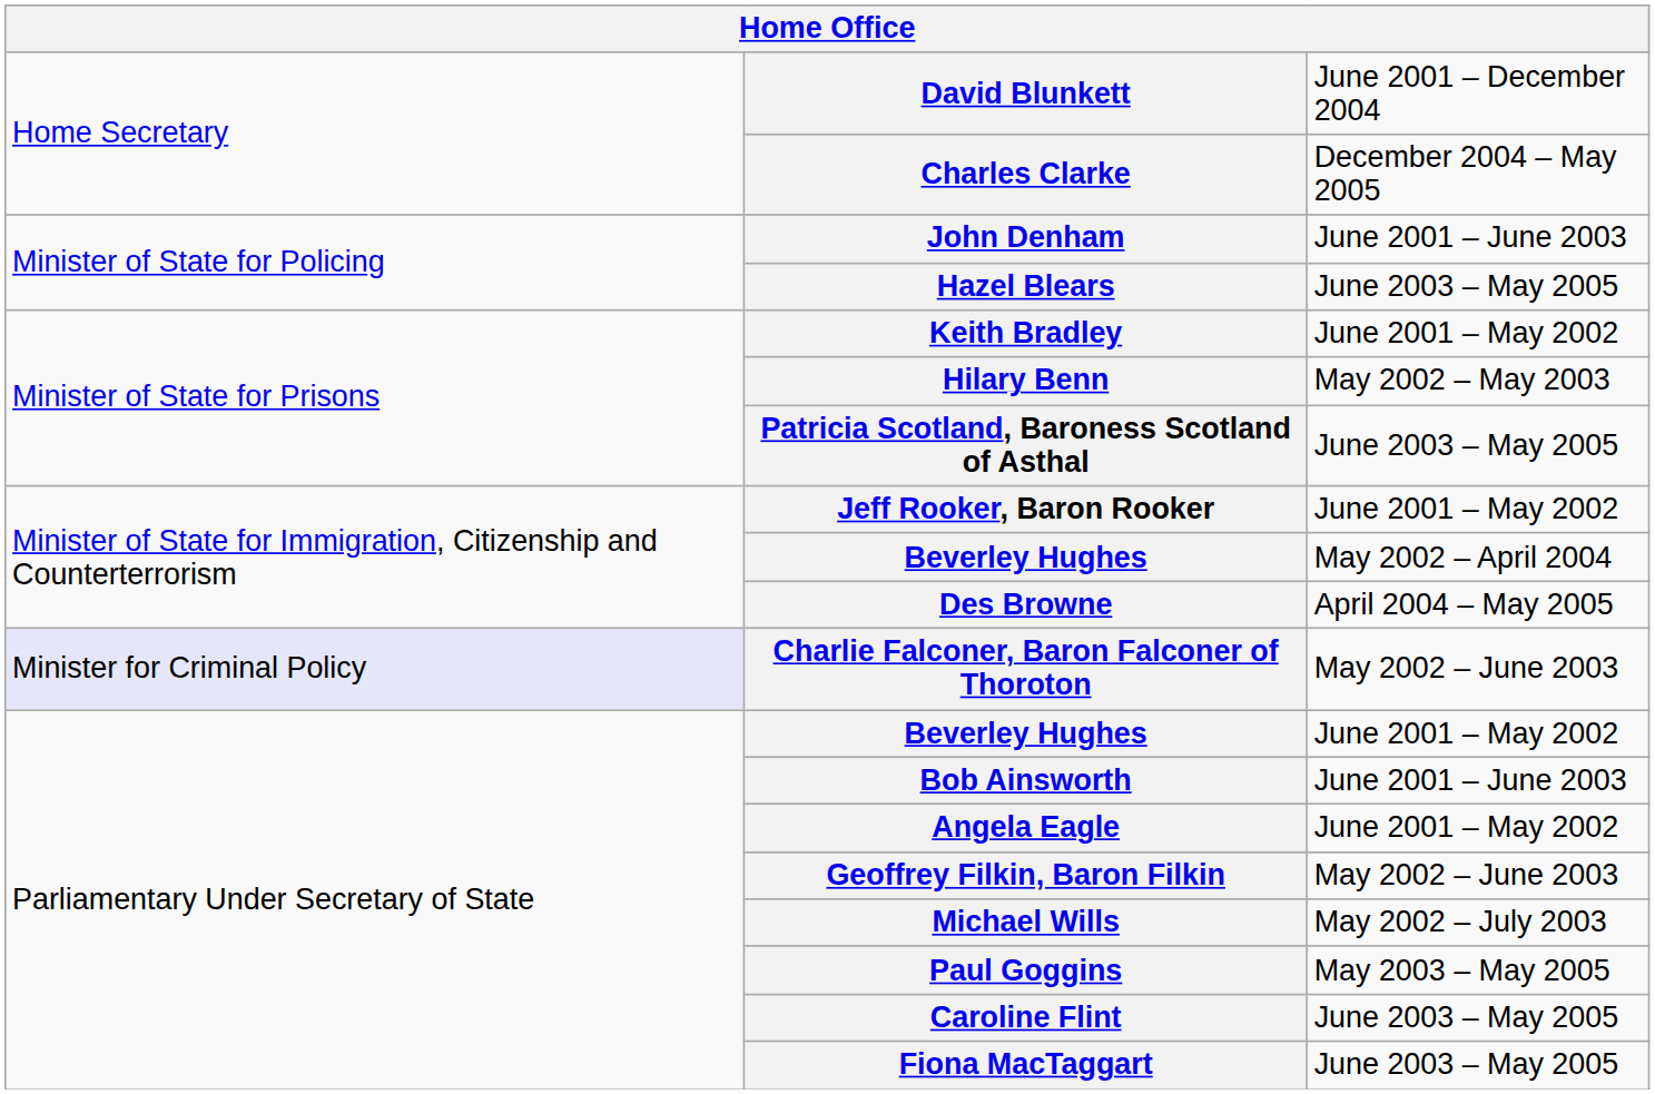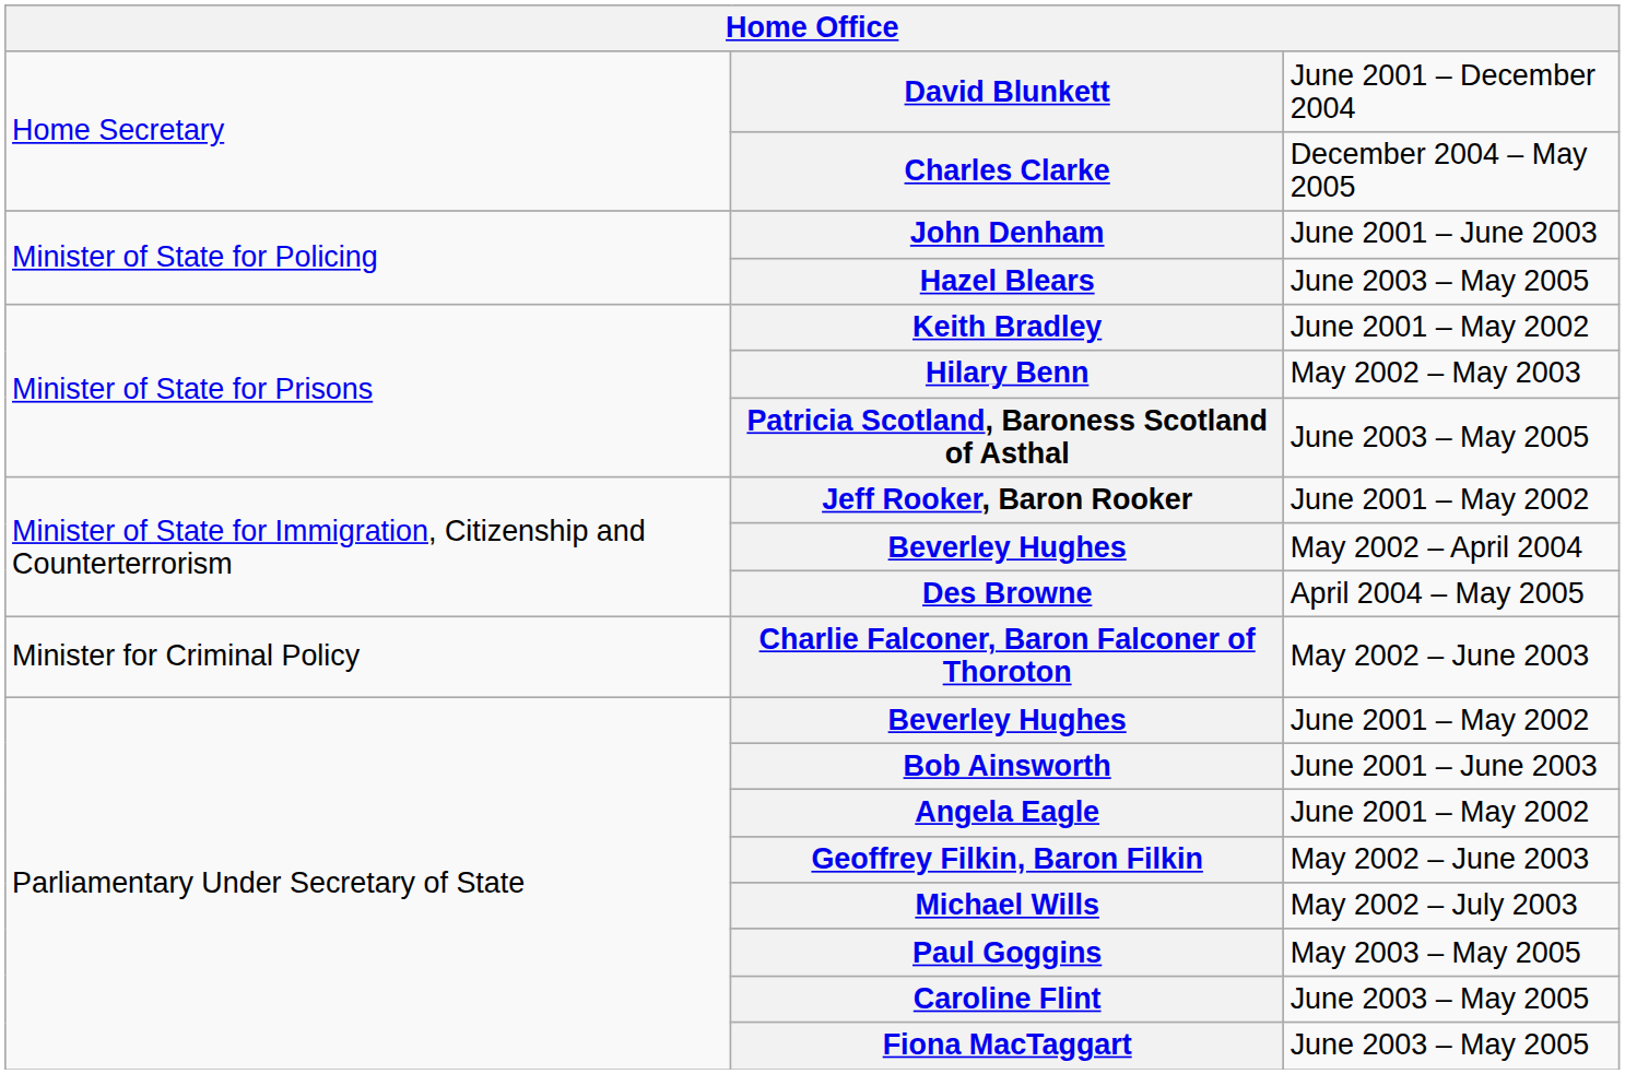 <table class="wikitable plainrowheaders" width=100% style="max-width:55em;">
 <tr>
 <th colspan=4><a href='#'>Home Office</a></th>
 </tr>
 <tr>
 <td rowspan="2"><a href='#'>Home Secretary</a></td>
 <th scope="row" style="font-weight:bold;"><a href='#'>David Blunkett</a></th>
 <td>June 2001 – December 2004</td>
 </tr>
 <tr>
 <th scope="row" style="font-weight:bold;"><a href='#'>Charles Clarke</a></th>
 <td>December 2004 – May 2005</td>
 </tr>
 <tr>
 <td rowspan="2"><a href='#'>Minister of State for Policing</a></td>
 <th scope="row"><a href='#'>John Denham</a></th>
 <td>June 2001 – June 2003</td>
 </tr>
 <tr>
 <th scope="row"><a href='#'>Hazel Blears</a></th>
 <td>June 2003 – May 2005</td>
 </tr>
 <tr>
 <td rowspan="3"><a href='#'>Minister of State for Prisons</a></td>
 <th scope="row"><a href='#'>Keith Bradley</a></th>
 <td>June 2001 – May 2002</td>
 </tr>
 <tr>
 <th scope="row"><a href='#'>Hilary Benn</a></th>
 <td>May 2002 – May 2003</td>
 </tr>
 <tr>
 <th scope="row"><a href='#'>Patricia Scotland</a>, Baroness Scotland of Asthal</th>
 <td>June 2003 – May 2005</td>
 </tr>
 <tr>
 <td rowspan="3"><a href='#'>Minister of State for Immigration</a>, Citizenship and Counterterrorism</td>
 <th scope="row"><a href='#'>Jeff Rooker</a>, Baron Rooker</th>
 <td>June 2001 – May 2002</td>
 </tr>
 <tr>
 <th scope="row"><a href='#'>Beverley Hughes</a></th>
 <td>May 2002 – April 2004</td>
 </tr>
 <tr>
 <th scope="row"><a href='#'>Des Browne</a></th>
 <td>April 2004 – May 2005</td>
 </tr>
 <tr>
-<td style="background: lavender;">Minister for Criminal Policy</td>
+<td>Minister for Criminal Policy</td>
 <th scope="row"><a href='#'>Charlie Falconer, Baron Falconer of Thoroton</a></th>
 <td>May 2002 – June 2003</td>
 </tr>
 <tr>
 <td rowspan="8">Parliamentary Under Secretary of State</td>
 <th scope="row"><a href='#'>Beverley Hughes</a></th>
 <td>June 2001 – May 2002</td>
 </tr>
 <tr>
 <th scope="row"><a href='#'>Bob Ainsworth</a></th>
 <td>June 2001 – June 2003</td>
 </tr>
 <tr>
 <th scope="row"><a href='#'>Angela Eagle</a></th>
 <td>June 2001 – May 2002</td>
 </tr>
 <tr>
 <th scope="row"><a href='#'>Geoffrey Filkin, Baron Filkin</a></th>
 <td>May 2002 – June 2003</td>
 </tr>
 <tr>
 <th scope="row"><a href='#'>Michael Wills</a></th>
 <td>May 2002 – July 2003</td>
 </tr>
 <tr>
 <th scope="row"><a href='#'>Paul Goggins</a></th>
 <td>May 2003 – May 2005</td>
 </tr>
 <tr>
 <th scope="row"><a href='#'>Caroline Flint</a></th>
 <td>June 2003 – May 2005</td>
 </tr>
 <tr>
 <th scope="row"><a href='#'>Fiona MacTaggart</a></th>
 <td>June 2003 – May 2005</td>
 </tr>
 </table>
